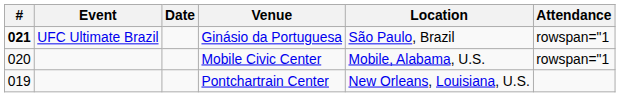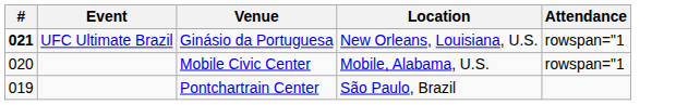 <table class="sortable wikitable succession-box" style="font-size:90%;">
 <tr>
 <th scope="col">#</th>
 <th scope="col">Event</th>
-<th scope="col">Date</th>
 <th scope="col">Venue</th>
 <th scope="col">Location</th>
 <th scope="col">Attendance</th>
 </tr>
 <tr>
 <td><strong>021</strong></td>
 <td><a href='#'>UFC Ultimate Brazil</a></td>
-<td></td>
 <td><a href='#'>Ginásio da Portuguesa</a></td>
-<td><a href='#'>São Paulo</a>, Brazil</td>
+<td><a href='#'>New Orleans</a>, <a href='#'>Louisiana</a>, U.S.</td>
 <td>rowspan="1 </td>
 </tr>
 <tr>
 <td>020</td>
-<td></td>
 <td></td>
 <td><a href='#'>Mobile Civic Center</a></td>
 <td><a href='#'>Mobile, Alabama</a>, U.S.</td>
 <td>rowspan="1 </td>
 </tr>
 <tr>
 <td>019</td>
 <td></td>
-<td></td>
 <td><a href='#'>Pontchartrain Center</a></td>
-<td><a href='#'>New Orleans</a>, <a href='#'>Louisiana</a>, U.S.</td>
+<td><a href='#'>São Paulo</a>, Brazil</td>
 <td></td>
 </tr>
 </table>
